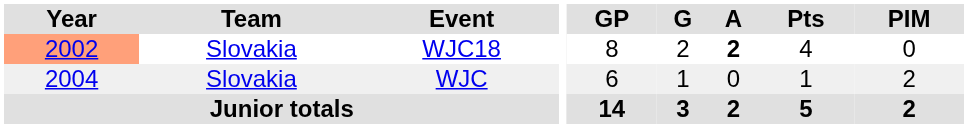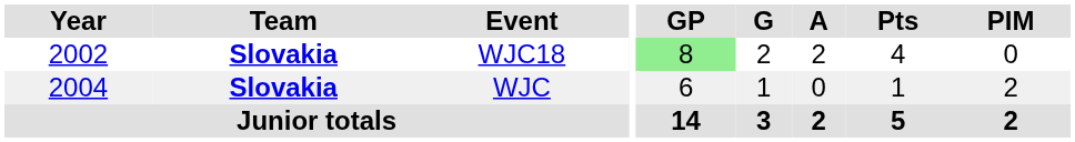 <table border="0" cellpadding="1" cellspacing="0" ID="Table3" style="text-align:center; width:40em">
 <tr ALIGN="center" bgcolor="#e0e0e0">
 <th>Year</th>
 <th>Team</th>
 <th>Event</th>
 <th rowspan="99" bgcolor="#ffffff"></th>
 <th>GP</th>
 <th>G</th>
 <th>A</th>
 <th>Pts</th>
 <th>PIM</th>
 </tr>
 <tr>
-<td style="background: lightsalmon;"><a href='#'>2002</a></td>
-<td><a href='#'>Slovakia</a></td>
+<td><a href='#'>2002</a></td>
+<td><strong><a href='#'>Slovakia</a></strong></td>
 <td><a href='#'>WJC18</a></td>
-<td>8</td>
+<td style="background: lightgreen;">8</td>
 <td>2</td>
-<td><strong>2</strong></td>
+<td>2</td>
 <td>4</td>
 <td>0</td>
 </tr>
 <tr bgcolor="#f0f0f0">
 <td><a href='#'>2004</a></td>
-<td><a href='#'>Slovakia</a></td>
+<td><strong><a href='#'>Slovakia</a></strong></td>
 <td><a href='#'>WJC</a></td>
 <td>6</td>
 <td>1</td>
 <td>0</td>
 <td>1</td>
 <td>2</td>
 </tr>
 <tr bgcolor="#e0e0e0">
 <th colspan="3">Junior totals</th>
 <th>14</th>
 <th>3</th>
 <th>2</th>
 <th>5</th>
 <th>2</th>
 </tr>
 </table>
